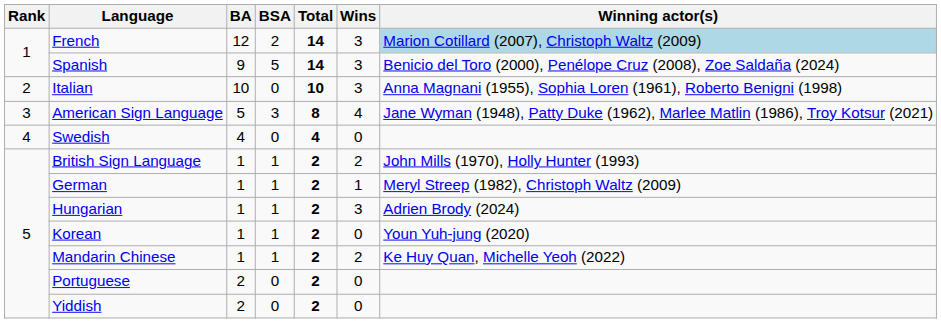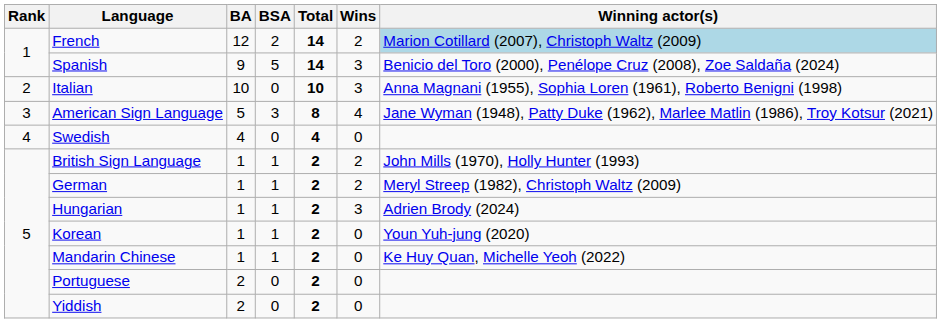 <table class="sortable wikitable">
 <tr>
 <th style="width: 2em; text-align: center">Rank</th>
 <th>Language</th>
 <th>BA</th>
 <th>BSA</th>
 <th>Total</th>
 <th>Wins</th>
 <th>Winning actor(s)</th>
 </tr>
 <tr>
 <td rowspan=2 align=center>1</td>
 <td><a href='#'>French</a></td>
 <td align=center>12</td>
 <td align=center>2</td>
 <td align=center><strong>14</strong></td>
-<td align=center>3</td>
+<td align=center>2</td>
 <td style="background: lightblue;"><a href='#'>Marion Cotillard</a> (2007), <a href='#'>Christoph Waltz</a> (2009)</td>
 </tr>
 <tr>
 <td><a href='#'>Spanish</a></td>
 <td align=center>9</td>
 <td align=center>5</td>
 <td align=center><strong>14</strong></td>
 <td align=center>3</td>
 <td><a href='#'>Benicio del Toro</a> (2000), <a href='#'>Penélope Cruz</a> (2008), <a href='#'>Zoe Saldaña</a> (2024)</td>
 </tr>
 <tr>
 <td align=center>2</td>
 <td><a href='#'>Italian</a></td>
 <td align=center>10</td>
 <td align=center>0</td>
 <td align=center><strong>10</strong></td>
 <td align=center>3</td>
 <td><a href='#'>Anna Magnani</a> (1955), <a href='#'>Sophia Loren</a> (1961), <a href='#'>Roberto Benigni</a> (1998)</td>
 </tr>
 <tr>
 <td align=center>3</td>
 <td><a href='#'>American Sign Language</a></td>
 <td align=center>5</td>
 <td align=center>3</td>
 <td align=center><strong>8</strong></td>
 <td align=center>4</td>
 <td><a href='#'>Jane Wyman</a> (1948), <a href='#'>Patty Duke</a> (1962), <a href='#'>Marlee Matlin</a> (1986), <a href='#'>Troy Kotsur</a> (2021)</td>
 </tr>
 <tr>
 <td align=center>4</td>
 <td><a href='#'>Swedish</a></td>
 <td align=center>4</td>
 <td align=center>0</td>
 <td align=center><strong>4</strong></td>
 <td align=center>0</td>
 <td></td>
 </tr>
 <tr>
 <td rowspan="7" align=center>5</td>
 <td><a href='#'>British Sign Language</a></td>
 <td align=center>1</td>
 <td align=center>1</td>
 <td align=center><strong>2</strong></td>
 <td align=center>2</td>
 <td><a href='#'>John Mills</a> (1970), <a href='#'>Holly Hunter</a> (1993)</td>
 </tr>
 <tr>
 <td><a href='#'>German</a></td>
 <td align=center>1</td>
 <td align=center>1</td>
 <td align=center><strong>2</strong></td>
-<td align=center>1</td>
+<td align=center>2</td>
 <td><a href='#'>Meryl Streep</a> (1982), <a href='#'>Christoph Waltz</a> (2009)</td>
 </tr>
 <tr>
 <td><a href='#'>Hungarian</a></td>
 <td align=center>1</td>
 <td align=center>1</td>
 <td align=center><strong>2</strong></td>
 <td align=center>3</td>
 <td><a href='#'>Adrien Brody</a> (2024)</td>
 </tr>
 <tr>
 <td><a href='#'>Korean</a></td>
 <td align=center>1</td>
 <td align=center>1</td>
 <td align=center><strong>2</strong></td>
 <td align=center>0</td>
 <td><a href='#'>Youn Yuh-jung</a> (2020)</td>
 </tr>
 <tr>
 <td><a href='#'>Mandarin Chinese</a></td>
 <td align=center>1</td>
 <td align=center>1</td>
 <td align=center><strong>2</strong></td>
-<td align=center>2</td>
+<td align=center>0</td>
 <td><a href='#'>Ke Huy Quan</a>, <a href='#'>Michelle Yeoh</a> (2022)</td>
 </tr>
 <tr>
 <td><a href='#'>Portuguese</a></td>
 <td align=center>2</td>
 <td align=center>0</td>
 <td align=center><strong>2</strong></td>
 <td align=center>0</td>
 <td></td>
 </tr>
 <tr>
 <td><a href='#'>Yiddish</a></td>
 <td align=center>2</td>
 <td align=center>0</td>
 <td align=center><strong>2</strong></td>
 <td align=center>0</td>
 <td></td>
 </tr>
 </table>
